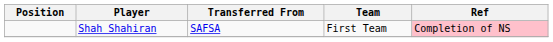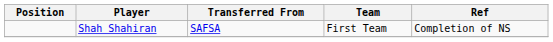 <table class="wikitable sortable" style="width:80%; text-align:center; font-size:100%; text-align:left;">
 <tr>
 <th><strong>Position</strong></th>
 <th><strong>Player</strong></th>
 <th><strong>Transferred From</strong></th>
 <th><strong>Team</strong></th>
 <th><strong>Ref</strong></th>
 </tr>
 <tr>
 <td></td>
 <td> <a href='#'>Shah Shahiran</a></td>
 <td> <a href='#'>SAFSA</a></td>
 <td>First Team</td>
-<td style="background: pink;">Completion of NS</td>
+<td>Completion of NS</td>
 </tr>
 <tr>
 </tr>
 </table>
